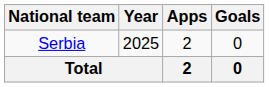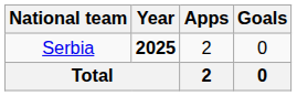 <table class="wikitable" style="text-align:center">
 <tr>
 <th>National team</th>
 <th>Year</th>
 <th>Apps</th>
 <th>Goals</th>
 </tr>
 <tr>
 <td rowspan="1"><a href='#'>Serbia</a></td>
-<td>2025</td>
+<td><strong>2025</strong></td>
 <td>2</td>
 <td>0</td>
 </tr>
 <tr>
 <th colspan="2">Total</th>
 <th>2</th>
 <th>0</th>
 </tr>
 </table>
